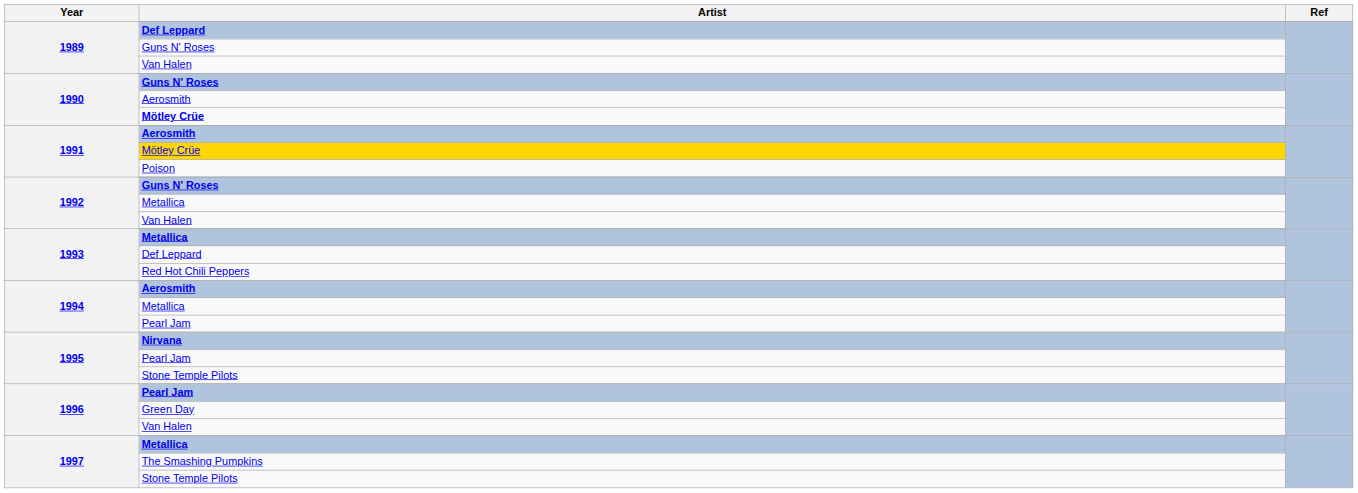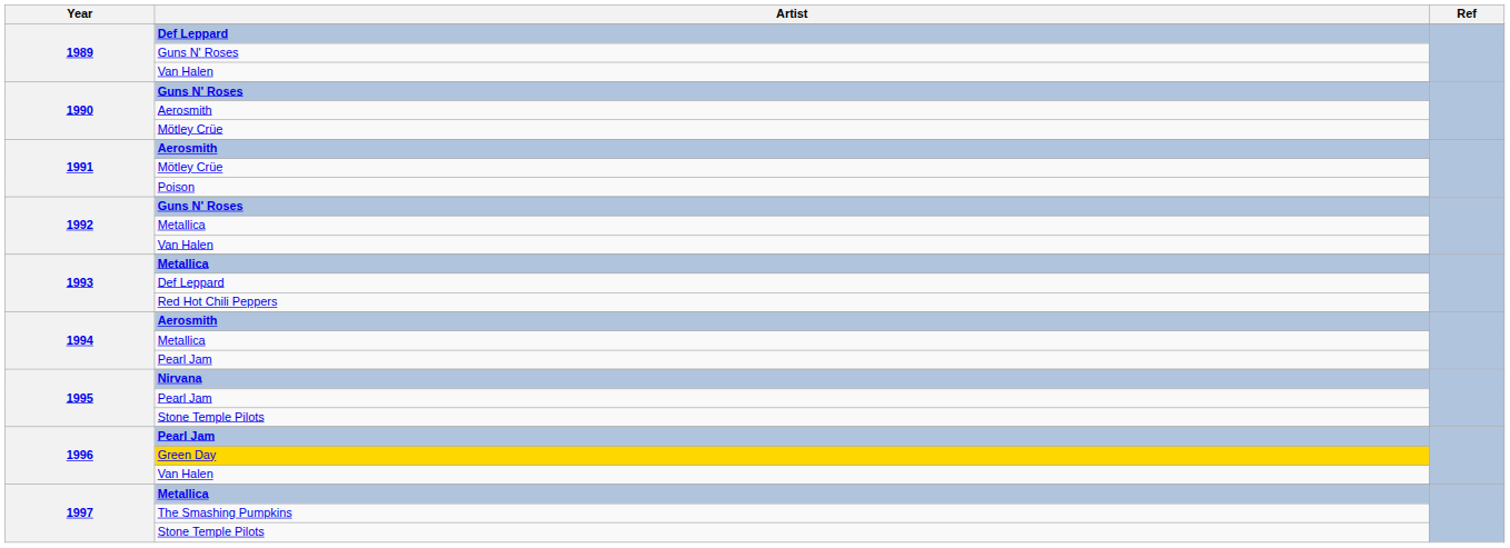 <table class="wikitable" width="100%">
 <tr>
 <th width="10%">Year</th>
 <th width="85%">Artist</th>
 <th width="5%">Ref</th>
 </tr>
 <tr>
 <th rowspan="4" align="center"><a href='#'>1989<br></a></th>
 </tr>
 <tr style="background:#B0C4DE">
 <td><strong><a href='#'>Def Leppard</a></strong></td>
 <td rowspan="4" align="center"></td>
 </tr>
 <tr>
 <td><a href='#'>Guns N' Roses</a></td>
 </tr>
 <tr>
 <td><a href='#'>Van Halen</a></td>
 </tr>
 <tr>
 <th rowspan="4" align="center"><a href='#'>1990<br></a></th>
 </tr>
 <tr style="background:#B0C4DE">
 <td><strong><a href='#'>Guns N' Roses</a></strong></td>
 <td rowspan="4" align="center"></td>
 </tr>
 <tr>
 <td><a href='#'>Aerosmith</a></td>
 </tr>
 <tr>
-<td><strong><a href='#'>Mötley Crüe</a></strong></td>
+<td><a href='#'>Mötley Crüe</a></td>
 </tr>
 <tr>
 <th rowspan="4" align="center"><a href='#'>1991<br></a></th>
 </tr>
 <tr style="background:#B0C4DE">
 <td><strong><a href='#'>Aerosmith</a></strong></td>
 <td rowspan="4" align="center"></td>
 </tr>
 <tr>
-<td style="background: gold;"><a href='#'>Mötley Crüe</a></td>
+<td><a href='#'>Mötley Crüe</a></td>
 </tr>
 <tr>
 <td><a href='#'>Poison</a></td>
 </tr>
 <tr>
 <th rowspan="4" align="center"><a href='#'>1992<br></a></th>
 </tr>
 <tr style="background:#B0C4DE">
 <td><strong><a href='#'>Guns N' Roses</a></strong></td>
 <td rowspan="4" align="center"></td>
 </tr>
 <tr>
 <td><a href='#'>Metallica</a></td>
 </tr>
 <tr>
 <td><a href='#'>Van Halen</a></td>
 </tr>
 <tr>
 <th rowspan="4" align="center"><a href='#'>1993<br></a></th>
 </tr>
 <tr style="background:#B0C4DE">
 <td><strong><a href='#'>Metallica</a></strong></td>
 <td rowspan="4" align="center"></td>
 </tr>
 <tr>
 <td><a href='#'>Def Leppard</a></td>
 </tr>
 <tr>
 <td><a href='#'>Red Hot Chili Peppers</a></td>
 </tr>
 <tr>
 <th rowspan="4" align="center"><a href='#'>1994<br></a></th>
 </tr>
 <tr style="background:#B0C4DE">
 <td><strong><a href='#'>Aerosmith</a></strong></td>
 <td rowspan="4" align="center"></td>
 </tr>
 <tr>
 <td><a href='#'>Metallica</a></td>
 </tr>
 <tr>
 <td><a href='#'>Pearl Jam</a></td>
 </tr>
 <tr>
 <th rowspan="4" align="center"><a href='#'>1995<br></a></th>
 </tr>
 <tr style="background:#B0C4DE">
 <td><strong><a href='#'>Nirvana</a></strong></td>
 <td rowspan="4" align="center"></td>
 </tr>
 <tr>
 <td><a href='#'>Pearl Jam</a></td>
 </tr>
 <tr>
 <td><a href='#'>Stone Temple Pilots</a></td>
 </tr>
 <tr>
 <th rowspan="4" align="center"><a href='#'>1996<br></a></th>
 </tr>
 <tr style="background:#B0C4DE">
 <td><strong><a href='#'>Pearl Jam</a></strong></td>
 <td rowspan="4" align="center"></td>
 </tr>
 <tr>
-<td><a href='#'>Green Day</a></td>
+<td style="background: gold;"><a href='#'>Green Day</a></td>
 </tr>
 <tr>
 <td><a href='#'>Van Halen</a></td>
 </tr>
 <tr>
 <th rowspan="4" align="center"><a href='#'>1997<br></a></th>
 </tr>
 <tr style="background:#B0C4DE">
 <td><strong><a href='#'>Metallica</a></strong></td>
 <td rowspan="4" align="center"></td>
 </tr>
 <tr>
 <td><a href='#'>The Smashing Pumpkins</a></td>
 </tr>
 <tr>
 <td><a href='#'>Stone Temple Pilots</a></td>
 </tr>
 </table>
